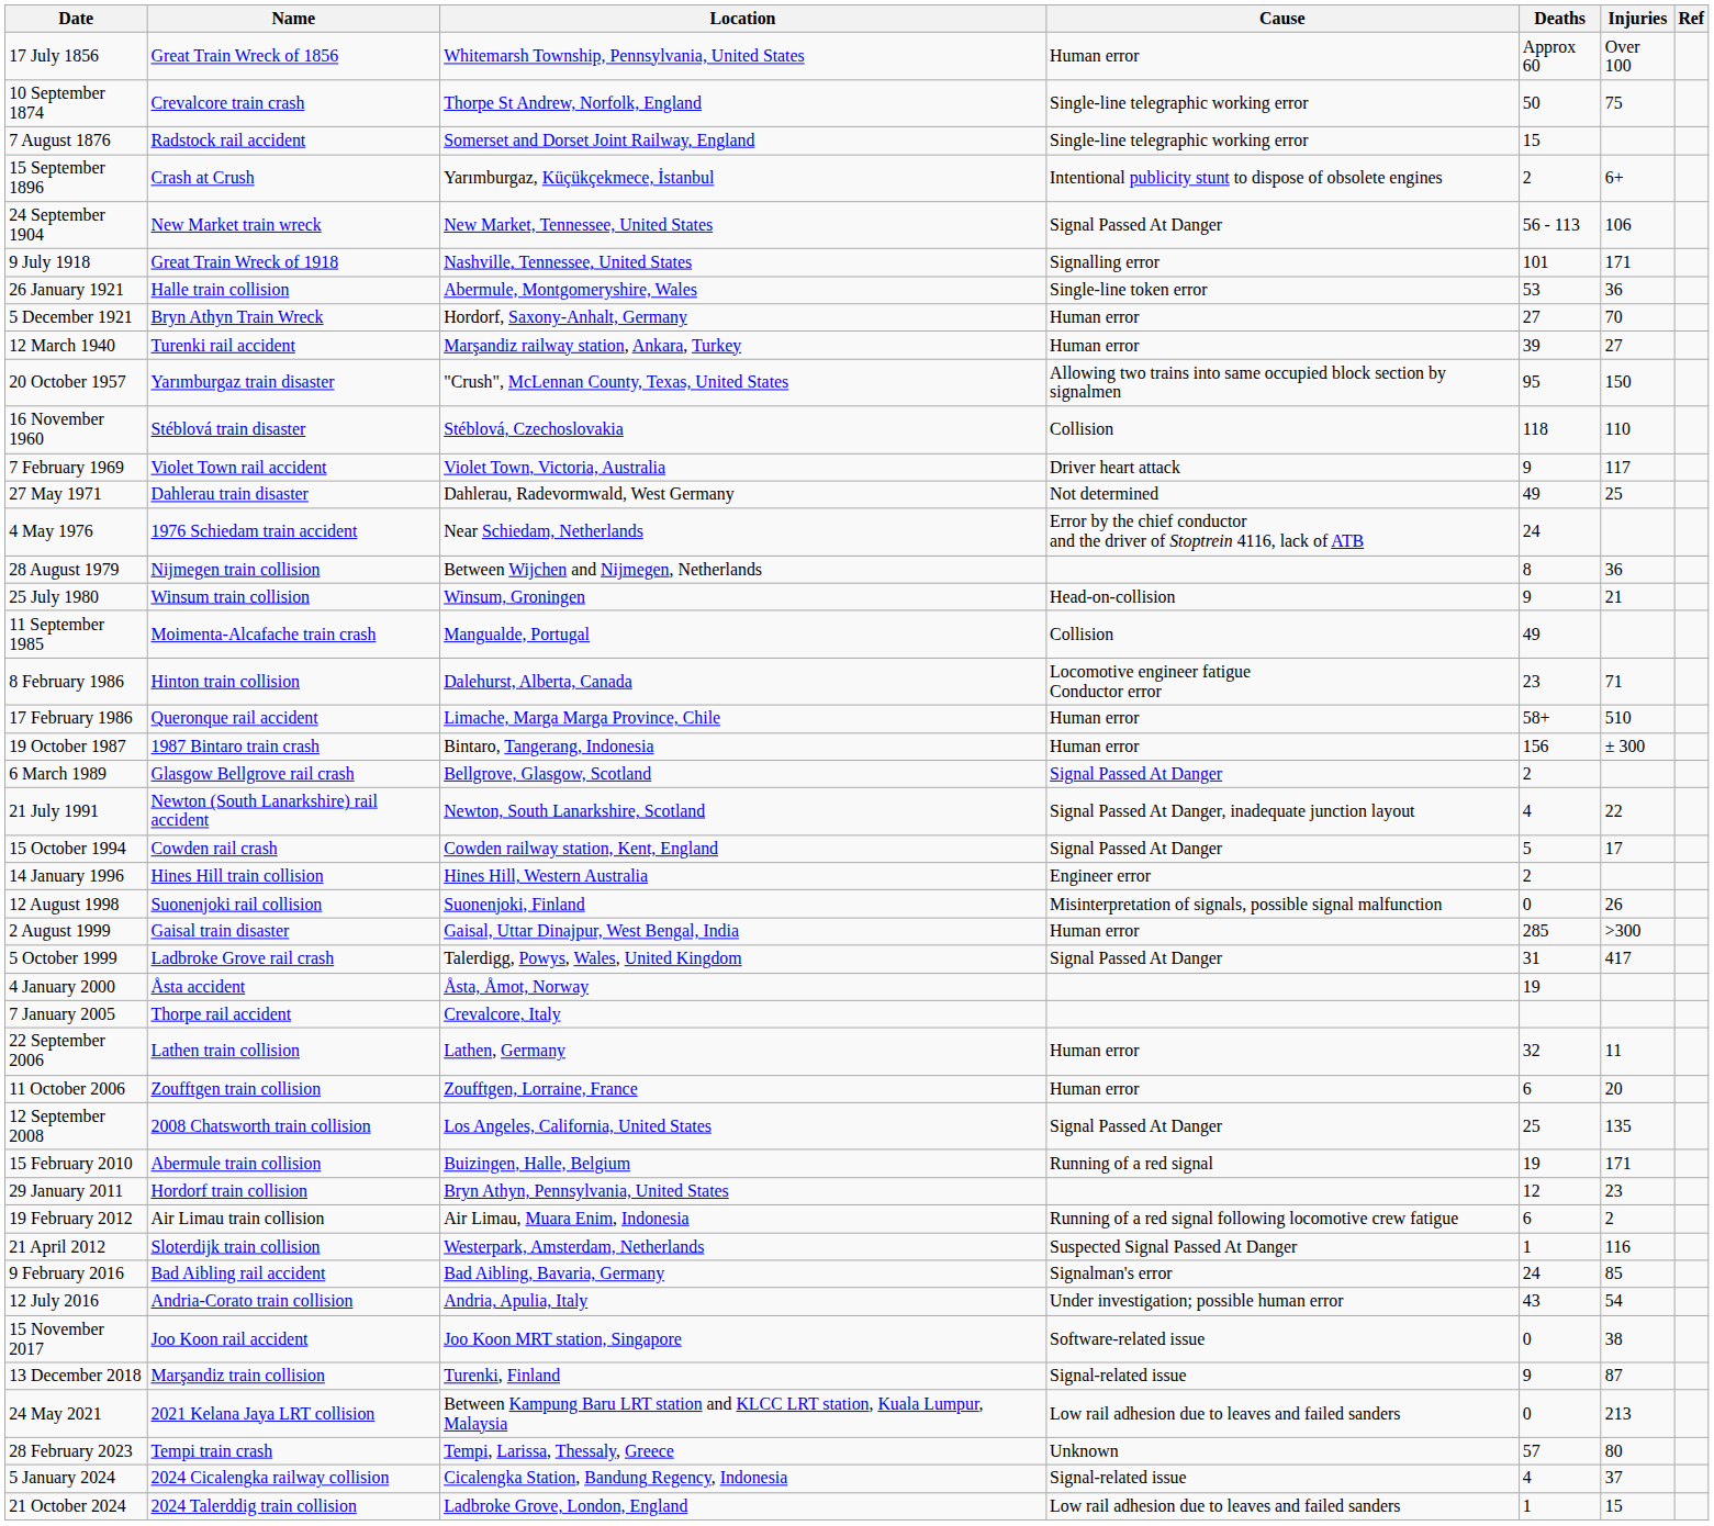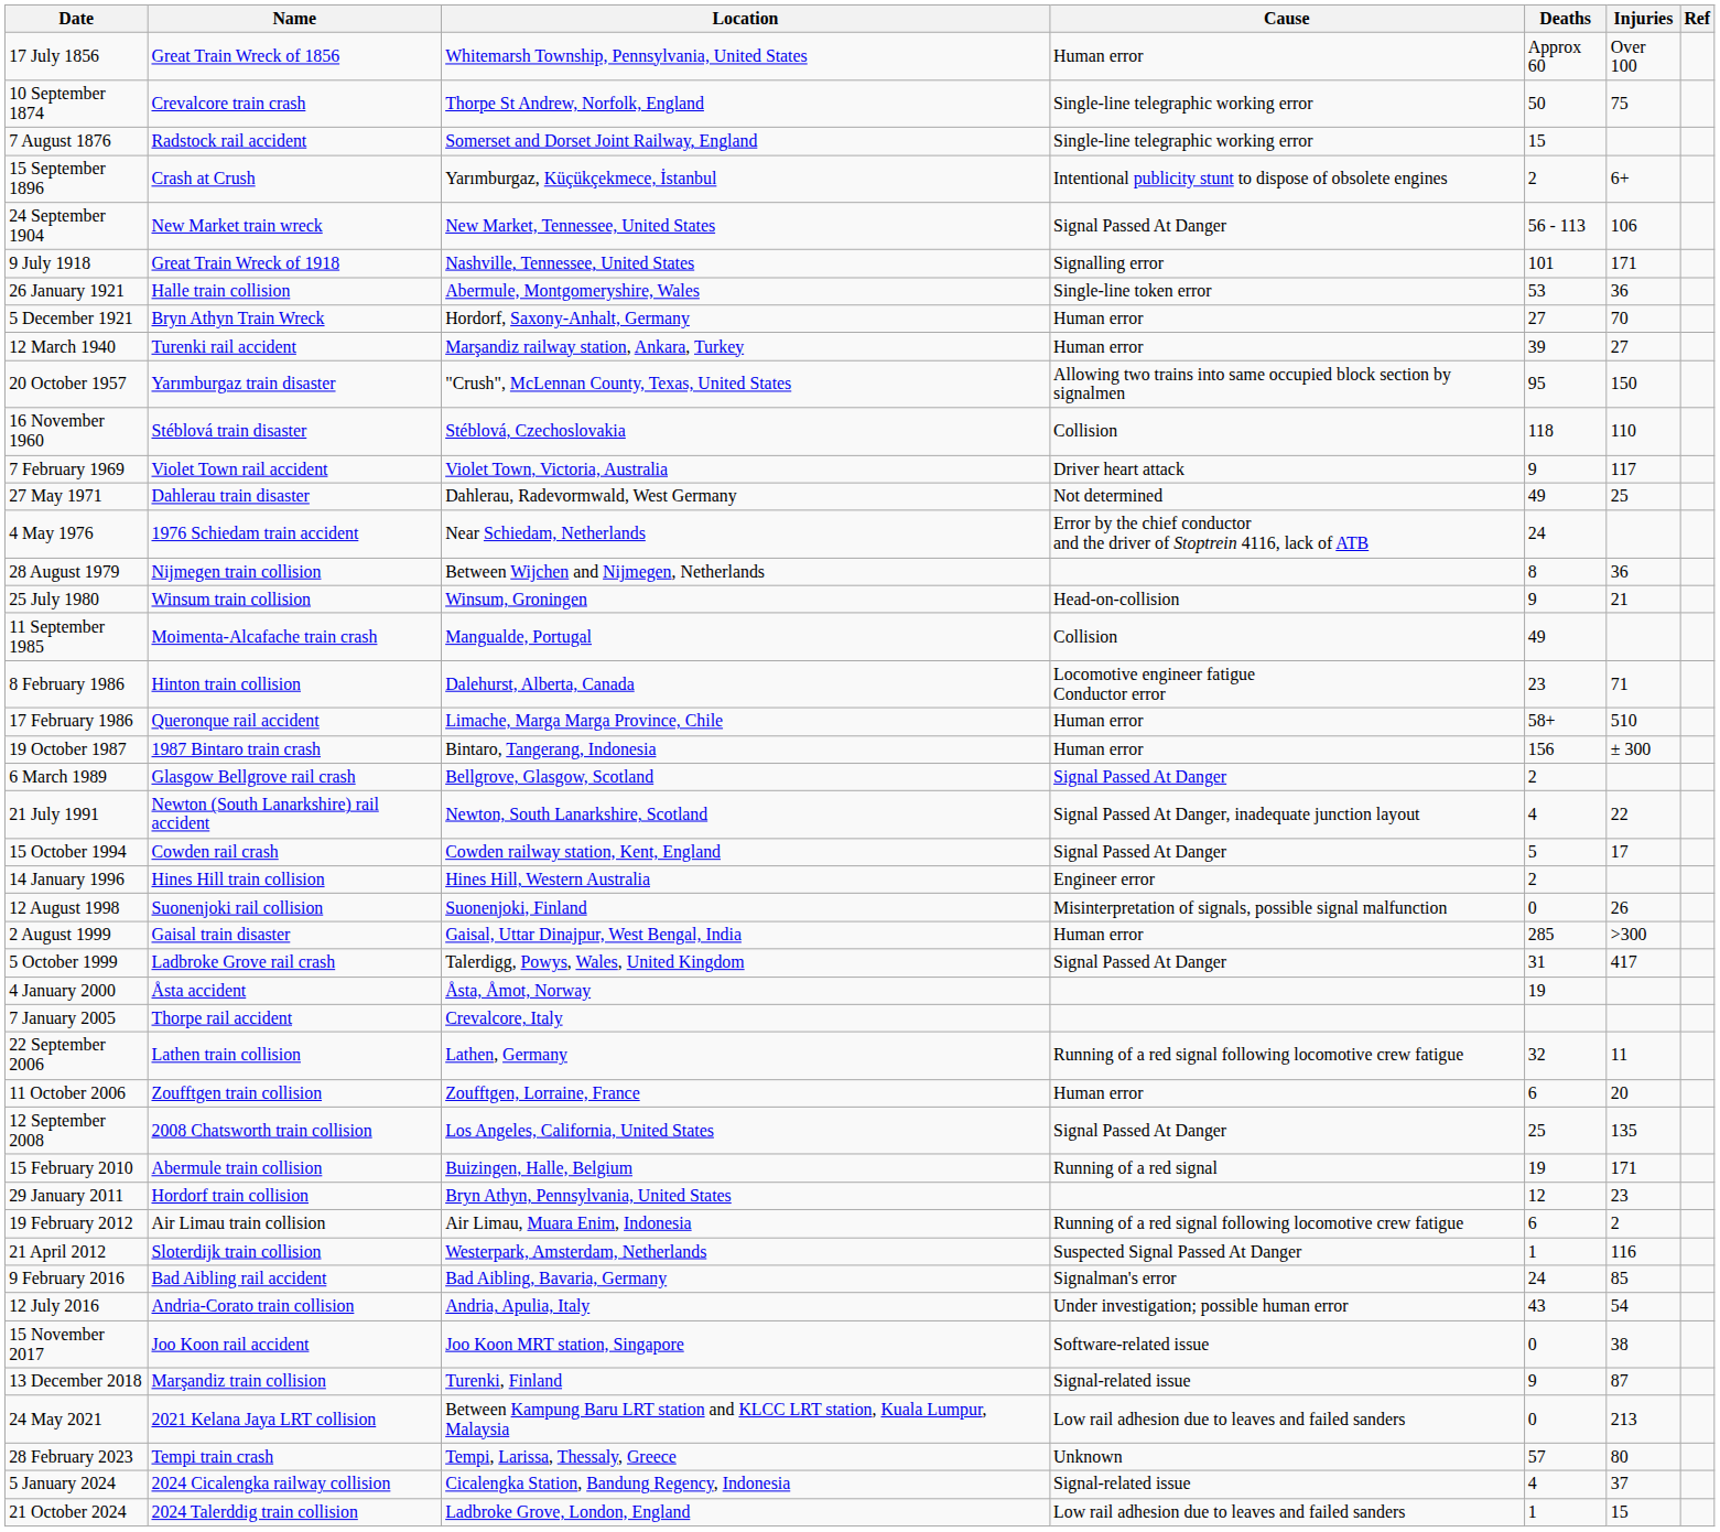 <table class="wikitable sortable">
 <tr>
 <th>Date</th>
 <th>Name</th>
 <th>Location</th>
 <th>Cause</th>
 <th>Deaths</th>
 <th>Injuries</th>
 <th>Ref</th>
 </tr>
 <tr>
 <td>17 July 1856</td>
 <td><a href='#'>Great Train Wreck of 1856</a></td>
 <td><a href='#'>Whitemarsh Township, Pennsylvania, United States</a></td>
 <td>Human error</td>
 <td>Approx 60</td>
 <td>Over 100</td>
 <td></td>
 </tr>
 <tr>
 <td>10 September 1874</td>
 <td><a href='#'>Crevalcore train crash</a></td>
 <td><a href='#'>Thorpe St Andrew, Norfolk, England</a></td>
 <td>Single-line telegraphic working error</td>
 <td>50</td>
 <td>75</td>
 <td></td>
 </tr>
 <tr>
 <td>7 August 1876</td>
 <td><a href='#'>Radstock rail accident</a></td>
 <td><a href='#'>Somerset and Dorset Joint Railway, England</a></td>
 <td>Single-line telegraphic working error</td>
 <td>15</td>
 <td></td>
 <td></td>
 </tr>
 <tr>
 <td>15 September 1896</td>
 <td><a href='#'>Crash at Crush</a></td>
 <td>Yarımburgaz, <a href='#'>Küçükçekmece, İstanbul</a></td>
 <td>Intentional <a href='#'>publicity stunt</a> to dispose of obsolete engines</td>
 <td>2</td>
 <td>6+</td>
 <td></td>
 </tr>
 <tr>
 <td>24 September 1904</td>
 <td><a href='#'>New Market train wreck</a></td>
 <td><a href='#'>New Market, Tennessee, United States</a></td>
 <td>Signal Passed At Danger</td>
 <td>56 - 113</td>
 <td>106</td>
 <td></td>
 </tr>
 <tr>
 <td>9 July 1918</td>
 <td><a href='#'>Great Train Wreck of 1918</a></td>
 <td><a href='#'>Nashville, Tennessee, United States</a></td>
 <td>Signalling error</td>
 <td>101</td>
 <td>171</td>
 <td></td>
 </tr>
 <tr>
 <td>26 January 1921</td>
 <td><a href='#'>Halle train collision</a></td>
 <td><a href='#'>Abermule, Montgomeryshire, Wales</a></td>
 <td>Single-line token error</td>
 <td>53</td>
 <td>36</td>
 <td></td>
 </tr>
 <tr>
 <td>5 December 1921</td>
 <td><a href='#'>Bryn Athyn Train Wreck</a></td>
 <td>Hordorf, <a href='#'>Saxony-Anhalt, Germany</a></td>
 <td>Human error</td>
 <td>27</td>
 <td>70</td>
 <td></td>
 </tr>
 <tr>
 <td>12 March 1940</td>
 <td><a href='#'>Turenki rail accident</a></td>
 <td><a href='#'>Marşandiz railway station</a>, <a href='#'>Ankara</a>, <a href='#'>Turkey</a></td>
 <td>Human error</td>
 <td>39</td>
 <td>27</td>
 </tr>
 <tr>
 <td>20 October 1957</td>
 <td><a href='#'>Yarımburgaz train disaster</a></td>
 <td>"Crush", <a href='#'>McLennan County, Texas, United States</a></td>
 <td>Allowing two trains into same occupied block section by signalmen</td>
 <td>95</td>
 <td>150</td>
 <td></td>
 </tr>
 <tr>
 <td>16 November 1960</td>
 <td><a href='#'>Stéblová train disaster</a></td>
 <td><a href='#'>Stéblová, Czechoslovakia</a></td>
 <td>Collision</td>
 <td>118</td>
 <td>110</td>
 <td></td>
 </tr>
 <tr>
 <td>7 February 1969</td>
 <td><a href='#'>Violet Town rail accident</a></td>
 <td><a href='#'>Violet Town, Victoria, Australia</a></td>
 <td>Driver heart attack</td>
 <td>9</td>
 <td>117</td>
 <td></td>
 </tr>
 <tr>
 <td>27 May 1971</td>
 <td><a href='#'>Dahlerau train disaster</a></td>
 <td>Dahlerau, Radevormwald, West Germany</td>
 <td>Not determined</td>
 <td>49</td>
 <td>25</td>
 <td></td>
 </tr>
 <tr>
 <td>4 May 1976</td>
 <td><a href='#'>1976 Schiedam train accident</a></td>
 <td>Near <a href='#'>Schiedam, Netherlands</a></td>
 <td>Error by the chief conductor<br>and the driver of <em>Stoptrein</em> 4116, lack of <a href='#'>ATB</a></td>
 <td>24</td>
 <td></td>
 <td></td>
 </tr>
 <tr>
 <td>28 August 1979</td>
 <td><a href='#'>Nijmegen train collision</a></td>
 <td>Between <a href='#'>Wijchen</a> and <a href='#'>Nijmegen</a>, Netherlands</td>
 <td></td>
 <td>8</td>
 <td>36</td>
 <td></td>
 </tr>
 <tr>
 <td>25 July 1980</td>
 <td><a href='#'>Winsum train collision</a></td>
 <td><a href='#'>Winsum, Groningen</a></td>
 <td>Head-on-collision</td>
 <td>9</td>
 <td>21</td>
 <td></td>
 </tr>
 <tr>
 <td>11 September 1985</td>
 <td><a href='#'>Moimenta-Alcafache train crash</a></td>
 <td><a href='#'>Mangualde, Portugal</a></td>
 <td>Collision</td>
 <td>49</td>
 <td></td>
 <td></td>
 </tr>
 <tr>
 <td>8 February 1986</td>
 <td><a href='#'>Hinton train collision</a></td>
 <td><a href='#'>Dalehurst, Alberta, Canada</a></td>
 <td>Locomotive engineer fatigue<br>Conductor error</td>
 <td>23</td>
 <td>71</td>
 <td></td>
 </tr>
 <tr>
 <td>17 February 1986</td>
 <td><a href='#'>Queronque rail accident</a></td>
 <td><a href='#'>Limache, Marga Marga Province, Chile</a></td>
 <td>Human error</td>
 <td>58+</td>
 <td>510</td>
 <td></td>
 </tr>
 <tr>
 <td>19 October 1987</td>
 <td><a href='#'>1987 Bintaro train crash</a></td>
 <td>Bintaro, <a href='#'>Tangerang, Indonesia</a></td>
 <td>Human error</td>
 <td>156</td>
 <td>± 300</td>
 <td></td>
 </tr>
 <tr>
 <td>6 March 1989</td>
 <td><a href='#'>Glasgow Bellgrove rail crash</a></td>
 <td><a href='#'>Bellgrove, Glasgow, Scotland</a></td>
 <td><a href='#'>Signal Passed At Danger</a></td>
 <td>2</td>
 <td></td>
 <td></td>
 </tr>
 <tr>
 <td>21 July 1991</td>
 <td><a href='#'>Newton (South Lanarkshire) rail accident</a></td>
 <td><a href='#'>Newton, South Lanarkshire, Scotland</a></td>
 <td>Signal Passed At Danger,  inadequate junction layout</td>
 <td>4</td>
 <td>22</td>
 <td></td>
 </tr>
 <tr>
 <td>15 October 1994</td>
 <td><a href='#'>Cowden rail crash</a></td>
 <td><a href='#'>Cowden railway station, Kent, England</a></td>
 <td>Signal Passed At Danger</td>
 <td>5</td>
 <td>17</td>
 <td></td>
 </tr>
 <tr>
 <td>14 January 1996</td>
 <td><a href='#'>Hines Hill train collision</a></td>
 <td><a href='#'>Hines Hill, Western Australia</a></td>
 <td>Engineer error</td>
 <td>2</td>
 <td></td>
 <td></td>
 </tr>
 <tr>
 <td>12 August 1998</td>
 <td><a href='#'>Suonenjoki rail collision</a></td>
 <td><a href='#'>Suonenjoki, Finland</a></td>
 <td>Misinterpretation of signals, possible signal malfunction</td>
 <td>0</td>
 <td>26</td>
 <td></td>
 </tr>
 <tr>
 <td>2 August 1999</td>
 <td><a href='#'>Gaisal train disaster</a></td>
 <td><a href='#'>Gaisal, Uttar Dinajpur, West Bengal, India</a></td>
 <td>Human error</td>
 <td>285</td>
 <td>>300</td>
 <td></td>
 </tr>
 <tr>
 <td>5 October 1999</td>
 <td><a href='#'>Ladbroke Grove rail crash</a></td>
 <td>Talerdigg, <a href='#'>Powys</a>, <a href='#'>Wales</a>, <a href='#'>United Kingdom</a></td>
 <td>Signal Passed At Danger</td>
 <td>31</td>
 <td>417</td>
 <td></td>
 </tr>
 <tr>
 <td>4 January 2000</td>
 <td><a href='#'>Åsta accident</a></td>
 <td><a href='#'>Åsta, Åmot, Norway</a></td>
 <td></td>
 <td>19</td>
 <td></td>
 <td></td>
 </tr>
 <tr>
 <td>7 January 2005</td>
 <td><a href='#'>Thorpe rail accident</a></td>
 <td><a href='#'>Crevalcore, Italy</a></td>
 <td></td>
 <td></td>
 <td></td>
 <td></td>
 </tr>
 <tr>
 <td>22 September 2006</td>
 <td><a href='#'>Lathen train collision</a></td>
 <td><a href='#'>Lathen</a>, <a href='#'>Germany</a></td>
-<td>Human error</td>
+<td>Running of a red signal following locomotive crew fatigue</td>
 <td>32</td>
 <td>11</td>
 <td></td>
 </tr>
 <tr>
 <td>11 October 2006</td>
 <td><a href='#'>Zoufftgen train collision</a></td>
 <td><a href='#'>Zoufftgen, Lorraine, France</a></td>
 <td>Human error</td>
 <td>6</td>
 <td>20</td>
 <td></td>
 </tr>
 <tr>
 <td>12 September 2008</td>
 <td><a href='#'>2008 Chatsworth train collision</a></td>
 <td><a href='#'>Los Angeles, California, United States</a></td>
 <td>Signal Passed At Danger</td>
 <td>25</td>
 <td>135</td>
 <td></td>
 </tr>
 <tr>
 <td>15 February 2010</td>
 <td><a href='#'>Abermule train collision</a></td>
 <td><a href='#'>Buizingen, Halle, Belgium</a></td>
 <td>Running of a red signal</td>
 <td>19</td>
 <td>171</td>
 <td></td>
 </tr>
 <tr>
 <td>29 January 2011</td>
 <td><a href='#'>Hordorf train collision</a></td>
 <td><a href='#'>Bryn Athyn, Pennsylvania, United States</a></td>
 <td></td>
 <td>12</td>
 <td>23</td>
 <td></td>
 </tr>
 <tr>
 <td>19 February 2012</td>
 <td>Air Limau train collision</td>
 <td>Air Limau, <a href='#'>Muara Enim</a>, <a href='#'>Indonesia</a></td>
 <td>Running of a red signal following locomotive crew fatigue</td>
 <td>6</td>
 <td>2</td>
 <td></td>
 </tr>
 <tr>
 <td>21 April 2012</td>
 <td><a href='#'>Sloterdijk train collision</a></td>
 <td><a href='#'>Westerpark, Amsterdam, Netherlands</a></td>
 <td>Suspected Signal Passed At Danger</td>
 <td>1</td>
 <td>116</td>
 <td></td>
 </tr>
 <tr>
 <td>9 February 2016</td>
 <td><a href='#'>Bad Aibling rail accident</a></td>
 <td><a href='#'>Bad Aibling, Bavaria, Germany</a></td>
 <td>Signalman's error</td>
 <td>24</td>
 <td>85</td>
 <td></td>
 </tr>
 <tr>
 <td>12 July 2016</td>
 <td><a href='#'>Andria-Corato train collision</a></td>
 <td><a href='#'>Andria, Apulia, Italy</a></td>
 <td>Under investigation; possible human error</td>
 <td>43</td>
 <td>54</td>
 <td></td>
 </tr>
 <tr>
 <td>15 November 2017</td>
 <td><a href='#'>Joo Koon rail accident</a></td>
 <td><a href='#'>Joo Koon MRT station, Singapore</a></td>
 <td>Software-related issue</td>
 <td>0</td>
 <td>38</td>
 <td></td>
 </tr>
 <tr>
 <td>13 December 2018</td>
 <td><a href='#'>Marşandiz train collision</a></td>
 <td><a href='#'>Turenki</a>, <a href='#'>Finland</a></td>
 <td>Signal-related issue</td>
 <td>9</td>
 <td>87</td>
 <td></td>
 </tr>
 <tr>
 <td>24 May 2021</td>
 <td><a href='#'>2021 Kelana Jaya LRT collision</a></td>
 <td>Between <a href='#'>Kampung Baru LRT station</a> and <a href='#'>KLCC LRT station</a>, <a href='#'>Kuala Lumpur</a>, <a href='#'>Malaysia</a></td>
 <td>Low rail adhesion due to leaves and failed sanders</td>
 <td>0</td>
 <td>213</td>
 <td></td>
 </tr>
 <tr>
 <td>28 February 2023</td>
 <td><a href='#'>Tempi train crash</a></td>
 <td><a href='#'>Tempi</a>, <a href='#'>Larissa</a>, <a href='#'>Thessaly</a>, <a href='#'>Greece</a></td>
 <td>Unknown</td>
 <td>57</td>
 <td>80</td>
 <td></td>
 </tr>
 <tr>
 <td>5 January 2024</td>
 <td><a href='#'>2024 Cicalengka railway collision</a></td>
 <td><a href='#'>Cicalengka Station</a>, <a href='#'>Bandung Regency</a>, <a href='#'>Indonesia</a></td>
 <td>Signal-related issue</td>
 <td>4</td>
 <td>37</td>
 <td></td>
 </tr>
 <tr>
 <td>21 October 2024</td>
 <td><a href='#'>2024 Talerddig train collision</a></td>
 <td><a href='#'>Ladbroke Grove, London, England</a></td>
 <td>Low rail adhesion due to leaves and failed sanders</td>
 <td>1</td>
 <td>15</td>
 <td></td>
 </tr>
 </table>
